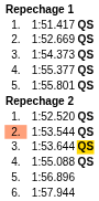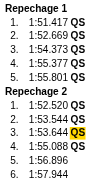 <table style="text-align:center">
 <tr>
 <td colspan=4 align=left><strong>Repechage 1</strong></td>
 </tr>
 <tr>
 <td width=30>1.</td>
 <td align=left></td>
 <td width=60>1:51.417</td>
 <td><strong>QS</strong></td>
 </tr>
 <tr>
 <td>2.</td>
 <td align=left></td>
 <td>1:52.669</td>
 <td><strong>QS</strong></td>
 </tr>
 <tr>
 <td>3.</td>
 <td align=left></td>
 <td>1:54.373</td>
 <td><strong>QS</strong></td>
 </tr>
 <tr>
 <td>4.</td>
 <td align=left></td>
 <td>1:55.377</td>
 <td><strong>QS</strong></td>
 </tr>
 <tr>
 <td>5.</td>
 <td align=left></td>
 <td>1:55.801</td>
 <td><strong>QS</strong></td>
 </tr>
 <tr>
 <td colspan=4 align=left><strong>Repechage 2</strong></td>
 </tr>
 <tr>
 <td width=30>1.</td>
 <td align=left></td>
 <td width=60>1:52.520</td>
 <td><strong>QS</strong></td>
 </tr>
 <tr>
-<td style="background: lightsalmon;">2.</td>
+<td>2.</td>
 <td align=left></td>
 <td>1:53.544</td>
 <td><strong>QS</strong></td>
 </tr>
 <tr>
 <td>3.</td>
 <td align=left></td>
 <td>1:53.644</td>
 <td style="background: gold;"><strong>QS</strong></td>
 </tr>
 <tr>
 <td>4.</td>
 <td align=left></td>
 <td>1:55.088</td>
 <td><strong>QS</strong></td>
 </tr>
 <tr>
 <td>5.</td>
 <td align=left></td>
 <td>1:56.896</td>
 <td></td>
 </tr>
 <tr>
 <td>6.</td>
 <td align=left></td>
 <td>1:57.944</td>
 <td></td>
 </tr>
 </table>
